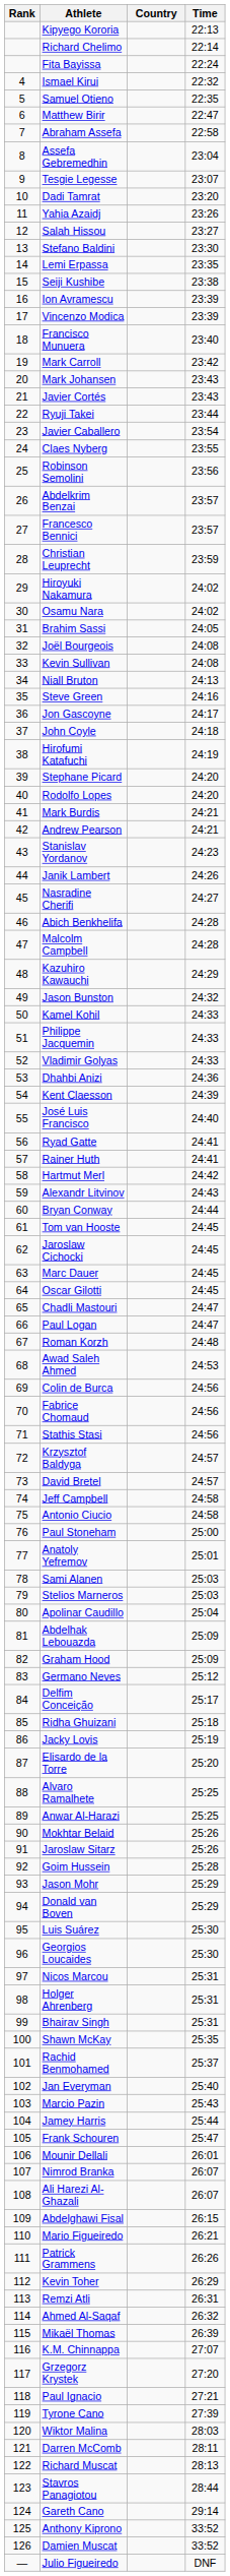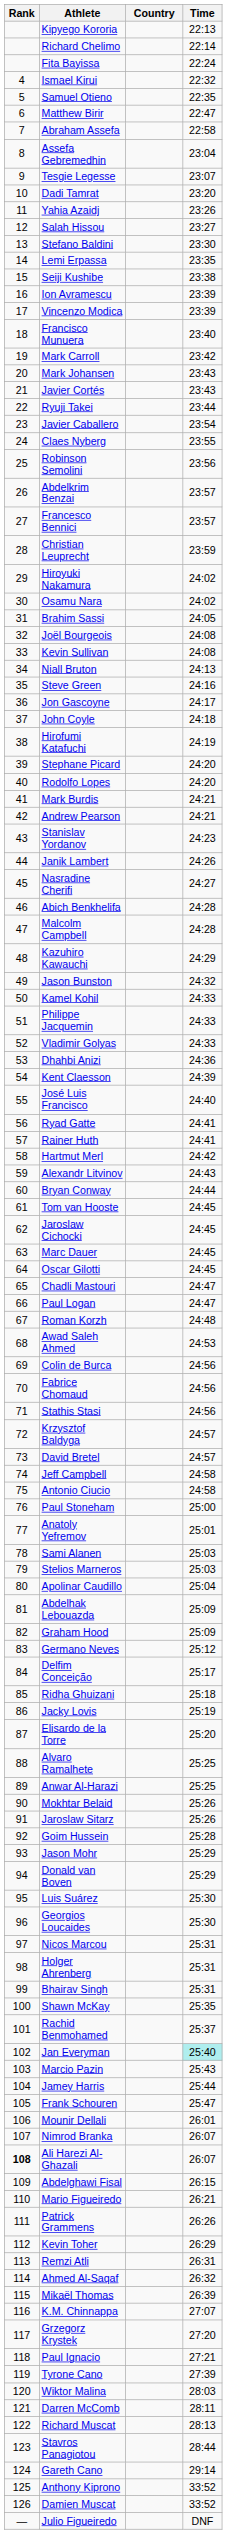 <table class="wikitable sortable" style=" text-align:center; font-size:95%;" width="50%">
 <tr>
 <th width=5%>Rank</th>
 <th width=20%>Athlete</th>
 <th width=15%>Country</th>
 <th width=10%>Time</th>
 </tr>
 <tr>
 <td align=center></td>
 <td align=left><a href='#'>Kipyego Kororia</a></td>
 <td align=left></td>
 <td>22:13</td>
 </tr>
 <tr>
 <td align=center></td>
 <td align=left><a href='#'>Richard Chelimo</a></td>
 <td align=left></td>
 <td>22:14</td>
 </tr>
 <tr>
 <td align=center></td>
 <td align=left><a href='#'>Fita Bayissa</a></td>
 <td align=left></td>
 <td>22:24</td>
 </tr>
 <tr>
 <td align=center>4</td>
 <td align=left><a href='#'>Ismael Kirui</a></td>
 <td align=left></td>
 <td>22:32</td>
 </tr>
 <tr>
 <td align=center>5</td>
 <td align=left><a href='#'>Samuel Otieno</a></td>
 <td align=left></td>
 <td>22:35</td>
 </tr>
 <tr>
 <td align=center>6</td>
 <td align=left><a href='#'>Matthew Birir</a></td>
 <td align=left></td>
 <td>22:47</td>
 </tr>
 <tr>
 <td align=center>7</td>
 <td align=left><a href='#'>Abraham Assefa</a></td>
 <td align=left></td>
 <td>22:58</td>
 </tr>
 <tr>
 <td align=center>8</td>
 <td align=left><a href='#'>Assefa Gebremedhin</a></td>
 <td align=left></td>
 <td>23:04</td>
 </tr>
 <tr>
 <td align=center>9</td>
 <td align=left><a href='#'>Tesgie Legesse</a></td>
 <td align=left></td>
 <td>23:07</td>
 </tr>
 <tr>
 <td align=center>10</td>
 <td align=left><a href='#'>Dadi Tamrat</a></td>
 <td align=left></td>
 <td>23:20</td>
 </tr>
 <tr>
 <td align=center>11</td>
 <td align=left><a href='#'>Yahia Azaidj</a></td>
 <td align=left></td>
 <td>23:26</td>
 </tr>
 <tr>
 <td align=center>12</td>
 <td align=left><a href='#'>Salah Hissou</a></td>
 <td align=left></td>
 <td>23:27</td>
 </tr>
 <tr>
 <td align=center>13</td>
 <td align=left><a href='#'>Stefano Baldini</a></td>
 <td align=left></td>
 <td>23:30</td>
 </tr>
 <tr>
 <td align=center>14</td>
 <td align=left><a href='#'>Lemi Erpassa</a></td>
 <td align=left></td>
 <td>23:35</td>
 </tr>
 <tr>
 <td align=center>15</td>
 <td align=left><a href='#'>Seiji Kushibe</a></td>
 <td align=left></td>
 <td>23:38</td>
 </tr>
 <tr>
 <td align=center>16</td>
 <td align=left><a href='#'>Ion Avramescu</a></td>
 <td align=left></td>
 <td>23:39</td>
 </tr>
 <tr>
 <td align=center>17</td>
 <td align=left><a href='#'>Vincenzo Modica</a></td>
 <td align=left></td>
 <td>23:39</td>
 </tr>
 <tr>
 <td align=center>18</td>
 <td align=left><a href='#'>Francisco Munuera</a></td>
 <td align=left></td>
 <td>23:40</td>
 </tr>
 <tr>
 <td align=center>19</td>
 <td align=left><a href='#'>Mark Carroll</a></td>
 <td align=left></td>
 <td>23:42</td>
 </tr>
 <tr>
 <td align=center>20</td>
 <td align=left><a href='#'>Mark Johansen</a></td>
 <td align=left></td>
 <td>23:43</td>
 </tr>
 <tr>
 <td align=center>21</td>
 <td align=left><a href='#'>Javier Cortés</a></td>
 <td align=left></td>
 <td>23:43</td>
 </tr>
 <tr>
 <td align=center>22</td>
 <td align=left><a href='#'>Ryuji Takei</a></td>
 <td align=left></td>
 <td>23:44</td>
 </tr>
 <tr>
 <td align=center>23</td>
 <td align=left><a href='#'>Javier Caballero</a></td>
 <td align=left></td>
 <td>23:54</td>
 </tr>
 <tr>
 <td align=center>24</td>
 <td align=left><a href='#'>Claes Nyberg</a></td>
 <td align=left></td>
 <td>23:55</td>
 </tr>
 <tr>
 <td align=center>25</td>
 <td align=left><a href='#'>Robinson Semolini</a></td>
 <td align=left></td>
 <td>23:56</td>
 </tr>
 <tr>
 <td align=center>26</td>
 <td align=left><a href='#'>Abdelkrim Benzai</a></td>
 <td align=left></td>
 <td>23:57</td>
 </tr>
 <tr>
 <td align=center>27</td>
 <td align=left><a href='#'>Francesco Bennici</a></td>
 <td align=left></td>
 <td>23:57</td>
 </tr>
 <tr>
 <td align=center>28</td>
 <td align=left><a href='#'>Christian Leuprecht</a></td>
 <td align=left></td>
 <td>23:59</td>
 </tr>
 <tr>
 <td align=center>29</td>
 <td align=left><a href='#'>Hiroyuki Nakamura</a></td>
 <td align=left></td>
 <td>24:02</td>
 </tr>
 <tr>
 <td align=center>30</td>
 <td align=left><a href='#'>Osamu Nara</a></td>
 <td align=left></td>
 <td>24:02</td>
 </tr>
 <tr>
 <td align=center>31</td>
 <td align=left><a href='#'>Brahim Sassi</a></td>
 <td align=left></td>
 <td>24:05</td>
 </tr>
 <tr>
 <td align=center>32</td>
 <td align=left><a href='#'>Joël Bourgeois</a></td>
 <td align=left></td>
 <td>24:08</td>
 </tr>
 <tr>
 <td align=center>33</td>
 <td align=left><a href='#'>Kevin Sullivan</a></td>
 <td align=left></td>
 <td>24:08</td>
 </tr>
 <tr>
 <td align=center>34</td>
 <td align=left><a href='#'>Niall Bruton</a></td>
 <td align=left></td>
 <td>24:13</td>
 </tr>
 <tr>
 <td align=center>35</td>
 <td align=left><a href='#'>Steve Green</a></td>
 <td align=left></td>
 <td>24:16</td>
 </tr>
 <tr>
 <td align=center>36</td>
 <td align=left><a href='#'>Jon Gascoyne</a></td>
 <td align=left></td>
 <td>24:17</td>
 </tr>
 <tr>
 <td align=center>37</td>
 <td align=left><a href='#'>John Coyle</a></td>
 <td align=left></td>
 <td>24:18</td>
 </tr>
 <tr>
 <td align=center>38</td>
 <td align=left><a href='#'>Hirofumi Katafuchi</a></td>
 <td align=left></td>
 <td>24:19</td>
 </tr>
 <tr>
 <td align=center>39</td>
 <td align=left><a href='#'>Stephane Picard</a></td>
 <td align=left></td>
 <td>24:20</td>
 </tr>
 <tr>
 <td align=center>40</td>
 <td align=left><a href='#'>Rodolfo Lopes</a></td>
 <td align=left></td>
 <td>24:20</td>
 </tr>
 <tr>
 <td align=center>41</td>
 <td align=left><a href='#'>Mark Burdis</a></td>
 <td align=left></td>
 <td>24:21</td>
 </tr>
 <tr>
 <td align=center>42</td>
 <td align=left><a href='#'>Andrew Pearson</a></td>
 <td align=left></td>
 <td>24:21</td>
 </tr>
 <tr>
 <td align=center>43</td>
 <td align=left><a href='#'>Stanislav Yordanov</a></td>
 <td align=left></td>
 <td>24:23</td>
 </tr>
 <tr>
 <td align=center>44</td>
 <td align=left><a href='#'>Janik Lambert</a></td>
 <td align=left></td>
 <td>24:26</td>
 </tr>
 <tr>
 <td align=center>45</td>
 <td align=left><a href='#'>Nasradine Cherifi</a></td>
 <td align=left></td>
 <td>24:27</td>
 </tr>
 <tr>
 <td align=center>46</td>
 <td align=left><a href='#'>Abich Benkhelifa</a></td>
 <td align=left></td>
 <td>24:28</td>
 </tr>
 <tr>
 <td align=center>47</td>
 <td align=left><a href='#'>Malcolm Campbell</a></td>
 <td align=left></td>
 <td>24:28</td>
 </tr>
 <tr>
 <td align=center>48</td>
 <td align=left><a href='#'>Kazuhiro Kawauchi</a></td>
 <td align=left></td>
 <td>24:29</td>
 </tr>
 <tr>
 <td align=center>49</td>
 <td align=left><a href='#'>Jason Bunston</a></td>
 <td align=left></td>
 <td>24:32</td>
 </tr>
 <tr>
 <td align=center>50</td>
 <td align=left><a href='#'>Kamel Kohil</a></td>
 <td align=left></td>
 <td>24:33</td>
 </tr>
 <tr>
 <td align=center>51</td>
 <td align=left><a href='#'>Philippe Jacquemin</a></td>
 <td align=left></td>
 <td>24:33</td>
 </tr>
 <tr>
 <td align=center>52</td>
 <td align=left><a href='#'>Vladimir Golyas</a></td>
 <td align=left></td>
 <td>24:33</td>
 </tr>
 <tr>
 <td align=center>53</td>
 <td align=left><a href='#'>Dhahbi Anizi</a></td>
 <td align=left></td>
 <td>24:36</td>
 </tr>
 <tr>
 <td align=center>54</td>
 <td align=left><a href='#'>Kent Claesson</a></td>
 <td align=left></td>
 <td>24:39</td>
 </tr>
 <tr>
 <td align=center>55</td>
 <td align=left><a href='#'>José Luis Francisco</a></td>
 <td align=left></td>
 <td>24:40</td>
 </tr>
 <tr>
 <td align=center>56</td>
 <td align=left><a href='#'>Ryad Gatte</a></td>
 <td align=left></td>
 <td>24:41</td>
 </tr>
 <tr>
 <td align=center>57</td>
 <td align=left><a href='#'>Rainer Huth</a></td>
 <td align=left></td>
 <td>24:41</td>
 </tr>
 <tr>
 <td align=center>58</td>
 <td align=left><a href='#'>Hartmut Merl</a></td>
 <td align=left></td>
 <td>24:42</td>
 </tr>
 <tr>
 <td align=center>59</td>
 <td align=left><a href='#'>Alexandr Litvinov</a></td>
 <td align=left></td>
 <td>24:43</td>
 </tr>
 <tr>
 <td align=center>60</td>
 <td align=left><a href='#'>Bryan Conway</a></td>
 <td align=left></td>
 <td>24:44</td>
 </tr>
 <tr>
 <td align=center>61</td>
 <td align=left><a href='#'>Tom van Hooste</a></td>
 <td align=left></td>
 <td>24:45</td>
 </tr>
 <tr>
 <td align=center>62</td>
 <td align=left><a href='#'>Jaroslaw Cichocki</a></td>
 <td align=left></td>
 <td>24:45</td>
 </tr>
 <tr>
 <td align=center>63</td>
 <td align=left><a href='#'>Marc Dauer</a></td>
 <td align=left></td>
 <td>24:45</td>
 </tr>
 <tr>
 <td align=center>64</td>
 <td align=left><a href='#'>Oscar Gilotti</a></td>
 <td align=left></td>
 <td>24:45</td>
 </tr>
 <tr>
 <td align=center>65</td>
 <td align=left><a href='#'>Chadli Mastouri</a></td>
 <td align=left></td>
 <td>24:47</td>
 </tr>
 <tr>
 <td align=center>66</td>
 <td align=left><a href='#'>Paul Logan</a></td>
 <td align=left></td>
 <td>24:47</td>
 </tr>
 <tr>
 <td align=center>67</td>
 <td align=left><a href='#'>Roman Korzh</a></td>
 <td align=left></td>
 <td>24:48</td>
 </tr>
 <tr>
 <td align=center>68</td>
 <td align=left><a href='#'>Awad Saleh Ahmed</a></td>
 <td align=left></td>
 <td>24:53</td>
 </tr>
 <tr>
 <td align=center>69</td>
 <td align=left><a href='#'>Colin de Burca</a></td>
 <td align=left></td>
 <td>24:56</td>
 </tr>
 <tr>
 <td align=center>70</td>
 <td align=left><a href='#'>Fabrice Chomaud</a></td>
 <td align=left></td>
 <td>24:56</td>
 </tr>
 <tr>
 <td align=center>71</td>
 <td align=left><a href='#'>Stathis Stasi</a></td>
 <td align=left></td>
 <td>24:56</td>
 </tr>
 <tr>
 <td align=center>72</td>
 <td align=left><a href='#'>Krzysztof Baldyga</a></td>
 <td align=left></td>
 <td>24:57</td>
 </tr>
 <tr>
 <td align=center>73</td>
 <td align=left><a href='#'>David Bretel</a></td>
 <td align=left></td>
 <td>24:57</td>
 </tr>
 <tr>
 <td align=center>74</td>
 <td align=left><a href='#'>Jeff Campbell</a></td>
 <td align=left></td>
 <td>24:58</td>
 </tr>
 <tr>
 <td align=center>75</td>
 <td align=left><a href='#'>Antonio Ciucio</a></td>
 <td align=left></td>
 <td>24:58</td>
 </tr>
 <tr>
 <td align=center>76</td>
 <td align=left><a href='#'>Paul Stoneham</a></td>
 <td align=left></td>
 <td>25:00</td>
 </tr>
 <tr>
 <td align=center>77</td>
 <td align=left><a href='#'>Anatoly Yefremov</a></td>
 <td align=left></td>
 <td>25:01</td>
 </tr>
 <tr>
 <td align=center>78</td>
 <td align=left><a href='#'>Sami Alanen</a></td>
 <td align=left></td>
 <td>25:03</td>
 </tr>
 <tr>
 <td align=center>79</td>
 <td align=left><a href='#'>Stelios Marneros</a></td>
 <td align=left></td>
 <td>25:03</td>
 </tr>
 <tr>
 <td align=center>80</td>
 <td align=left><a href='#'>Apolinar Caudillo</a></td>
 <td align=left></td>
 <td>25:04</td>
 </tr>
 <tr>
 <td align=center>81</td>
 <td align=left><a href='#'>Abdelhak Lebouazda</a></td>
 <td align=left></td>
 <td>25:09</td>
 </tr>
 <tr>
 <td align=center>82</td>
 <td align=left><a href='#'>Graham Hood</a></td>
 <td align=left></td>
 <td>25:09</td>
 </tr>
 <tr>
 <td align=center>83</td>
 <td align=left><a href='#'>Germano Neves</a></td>
 <td align=left></td>
 <td>25:12</td>
 </tr>
 <tr>
 <td align=center>84</td>
 <td align=left><a href='#'>Delfim Conceição</a></td>
 <td align=left></td>
 <td>25:17</td>
 </tr>
 <tr>
 <td align=center>85</td>
 <td align=left><a href='#'>Ridha Ghuizani</a></td>
 <td align=left></td>
 <td>25:18</td>
 </tr>
 <tr>
 <td align=center>86</td>
 <td align=left><a href='#'>Jacky Lovis</a></td>
 <td align=left></td>
 <td>25:19</td>
 </tr>
 <tr>
 <td align=center>87</td>
 <td align=left><a href='#'>Elisardo de la Torre</a></td>
 <td align=left></td>
 <td>25:20</td>
 </tr>
 <tr>
 <td align=center>88</td>
 <td align=left><a href='#'>Alvaro Ramalhete</a></td>
 <td align=left></td>
 <td>25:25</td>
 </tr>
 <tr>
 <td align=center>89</td>
 <td align=left><a href='#'>Anwar Al-Harazi</a></td>
 <td align=left></td>
 <td>25:25</td>
 </tr>
 <tr>
 <td align=center>90</td>
 <td align=left><a href='#'>Mokhtar Belaid</a></td>
 <td align=left></td>
 <td>25:26</td>
 </tr>
 <tr>
 <td align=center>91</td>
 <td align=left><a href='#'>Jaroslaw Sitarz</a></td>
 <td align=left></td>
 <td>25:26</td>
 </tr>
 <tr>
 <td align=center>92</td>
 <td align=left><a href='#'>Goim Hussein</a></td>
 <td align=left></td>
 <td>25:28</td>
 </tr>
 <tr>
 <td align=center>93</td>
 <td align=left><a href='#'>Jason Mohr</a></td>
 <td align=left></td>
 <td>25:29</td>
 </tr>
 <tr>
 <td align=center>94</td>
 <td align=left><a href='#'>Donald van Boven</a></td>
 <td align=left></td>
 <td>25:29</td>
 </tr>
 <tr>
 <td align=center>95</td>
 <td align=left><a href='#'>Luis Suárez</a></td>
 <td align=left></td>
 <td>25:30</td>
 </tr>
 <tr>
 <td align=center>96</td>
 <td align=left><a href='#'>Georgios Loucaides</a></td>
 <td align=left></td>
 <td>25:30</td>
 </tr>
 <tr>
 <td align=center>97</td>
 <td align=left><a href='#'>Nicos Marcou</a></td>
 <td align=left></td>
 <td>25:31</td>
 </tr>
 <tr>
 <td align=center>98</td>
 <td align=left><a href='#'>Holger Ahrenberg</a></td>
 <td align=left></td>
 <td>25:31</td>
 </tr>
 <tr>
 <td align=center>99</td>
 <td align=left><a href='#'>Bhairav Singh</a></td>
 <td align=left></td>
 <td>25:31</td>
 </tr>
 <tr>
 <td align=center>100</td>
 <td align=left><a href='#'>Shawn McKay</a></td>
 <td align=left></td>
 <td>25:35</td>
 </tr>
 <tr>
 <td align=center>101</td>
 <td align=left><a href='#'>Rachid Benmohamed</a></td>
 <td align=left></td>
 <td>25:37</td>
 </tr>
 <tr>
 <td align=center>102</td>
 <td align=left><a href='#'>Jan Everyman</a></td>
 <td align=left></td>
-<td>25:40</td>
+<td style="background: paleturquoise;">25:40</td>
 </tr>
 <tr>
 <td align=center>103</td>
 <td align=left><a href='#'>Marcio Pazin</a></td>
 <td align=left></td>
 <td>25:43</td>
 </tr>
 <tr>
 <td align=center>104</td>
 <td align=left><a href='#'>Jamey Harris</a></td>
 <td align=left></td>
 <td>25:44</td>
 </tr>
 <tr>
 <td align=center>105</td>
 <td align=left><a href='#'>Frank Schouren</a></td>
 <td align=left></td>
 <td>25:47</td>
 </tr>
 <tr>
 <td align=center>106</td>
 <td align=left><a href='#'>Mounir Dellali</a></td>
 <td align=left></td>
 <td>26:01</td>
 </tr>
 <tr>
 <td align=center>107</td>
 <td align=left><a href='#'>Nimrod Branka</a></td>
 <td align=left></td>
 <td>26:07</td>
 </tr>
 <tr>
-<td align=center>108</td>
+<td align=center><strong>108</strong></td>
 <td align=left><a href='#'>Ali Harezi Al-Ghazali</a></td>
 <td align=left></td>
 <td>26:07</td>
 </tr>
 <tr>
 <td align=center>109</td>
 <td align=left><a href='#'>Abdelghawi Fisal</a></td>
 <td align=left></td>
 <td>26:15</td>
 </tr>
 <tr>
 <td align=center>110</td>
 <td align=left><a href='#'>Mario Figueiredo</a></td>
 <td align=left></td>
 <td>26:21</td>
 </tr>
 <tr>
 <td align=center>111</td>
 <td align=left><a href='#'>Patrick Grammens</a></td>
 <td align=left></td>
 <td>26:26</td>
 </tr>
 <tr>
 <td align=center>112</td>
 <td align=left><a href='#'>Kevin Toher</a></td>
 <td align=left></td>
 <td>26:29</td>
 </tr>
 <tr>
 <td align=center>113</td>
 <td align=left><a href='#'>Remzi Atli</a></td>
 <td align=left></td>
 <td>26:31</td>
 </tr>
 <tr>
 <td align=center>114</td>
 <td align=left><a href='#'>Ahmed Al-Saqaf</a></td>
 <td align=left></td>
 <td>26:32</td>
 </tr>
 <tr>
 <td align=center>115</td>
 <td align=left><a href='#'>Mikaël Thomas</a></td>
 <td align=left></td>
 <td>26:39</td>
 </tr>
 <tr>
 <td align=center>116</td>
 <td align=left><a href='#'>K.M. Chinnappa</a></td>
 <td align=left></td>
 <td>27:07</td>
 </tr>
 <tr>
 <td align=center>117</td>
 <td align=left><a href='#'>Grzegorz Krystek</a></td>
 <td align=left></td>
 <td>27:20</td>
 </tr>
 <tr>
 <td align=center>118</td>
 <td align=left><a href='#'>Paul Ignacio</a></td>
 <td align=left></td>
 <td>27:21</td>
 </tr>
 <tr>
 <td align=center>119</td>
 <td align=left><a href='#'>Tyrone Cano</a></td>
 <td align=left></td>
 <td>27:39</td>
 </tr>
 <tr>
 <td align=center>120</td>
 <td align=left><a href='#'>Wiktor Malina</a></td>
 <td align=left></td>
 <td>28:03</td>
 </tr>
 <tr>
 <td align=center>121</td>
 <td align=left><a href='#'>Darren McComb</a></td>
 <td align=left></td>
 <td>28:11</td>
 </tr>
 <tr>
 <td align=center>122</td>
 <td align=left><a href='#'>Richard Muscat</a></td>
 <td align=left></td>
 <td>28:13</td>
 </tr>
 <tr>
 <td align=center>123</td>
 <td align=left><a href='#'>Stavros Panagiotou</a></td>
 <td align=left></td>
 <td>28:44</td>
 </tr>
 <tr>
 <td align=center>124</td>
 <td align=left><a href='#'>Gareth Cano</a></td>
 <td align=left></td>
 <td>29:14</td>
 </tr>
 <tr>
 <td align=center>125</td>
 <td align=left><a href='#'>Anthony Kiprono</a></td>
 <td align=left></td>
 <td>33:52</td>
 </tr>
 <tr>
 <td align=center>126</td>
 <td align=left><a href='#'>Damien Muscat</a></td>
 <td align=left></td>
 <td>33:52</td>
 </tr>
 <tr>
 <td align=center>—</td>
 <td align=left><a href='#'>Julio Figueiredo</a></td>
 <td align=left></td>
 <td>DNF</td>
 </tr>
 </table>
